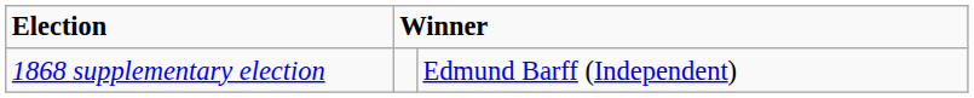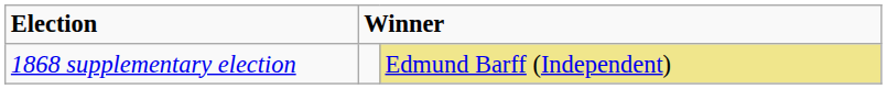 <table class="wikitable" width=45%>
 <tr>
 <td width=19%><strong>Election</strong></td>
 <td width=81% colspan=2><strong>Winner</strong></td>
 </tr>
 <tr>
 <td><span><em><a href='#'>1868 supplementary election</a></em></span></td>
 <td width=1% rowspan=1 bgcolor=></td>
-<td width=27% rowspan=1><a href='#'>Edmund Barff</a> (<a href='#'>Independent</a>)</td>
+<td width=27% rowspan=1 style="background: khaki;"><a href='#'>Edmund Barff</a> (<a href='#'>Independent</a>)</td>
 </tr>
 </table>
